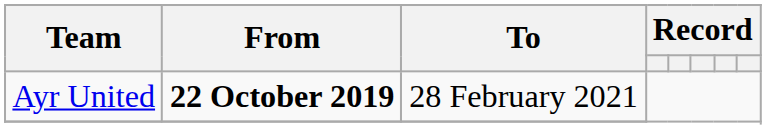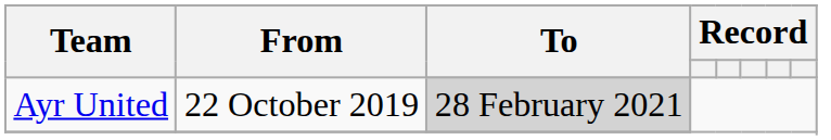 <table class="wikitable" style="text-align: center">
 <tr>
 <th rowspan="2">Team</th>
 <th rowspan="2">From</th>
 <th rowspan="2">To</th>
 <th colspan="8">Record</th>
 </tr>
 <tr>
 <th></th>
 <th></th>
 <th></th>
 <th></th>
 <th></th>
 </tr>
 <tr>
 <td align=left><a href='#'>Ayr United</a></td>
-<td align=left><strong>22 October 2019</strong></td>
-<td align=left>28 February 2021<br></td>
+<td align=left>22 October 2019</td>
+<td align=left style="background: lightgrey;">28 February 2021<br></td>
 </tr>
 <tr>
 </tr>
 </table>
